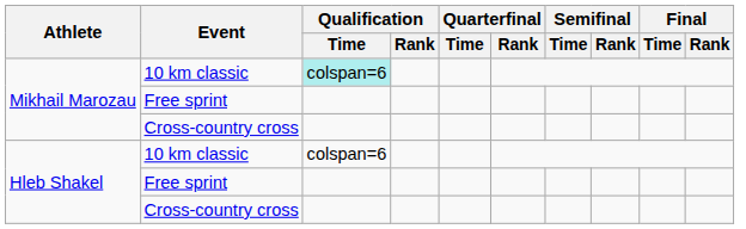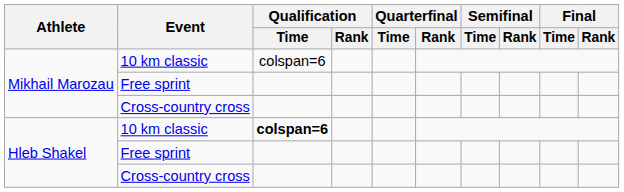 <table class="wikitable" style="font-size:90%">
 <tr>
 <th rowspan="2">Athlete</th>
 <th rowspan="2">Event</th>
 <th colspan="2">Qualification</th>
 <th colspan="2">Quarterfinal</th>
 <th colspan="2">Semifinal</th>
 <th colspan="2">Final</th>
 </tr>
 <tr style="font-size:95%">
 <th>Time</th>
 <th>Rank</th>
 <th>Time</th>
 <th>Rank</th>
 <th>Time</th>
 <th>Rank</th>
 <th>Time</th>
 <th>Rank</th>
 </tr>
 <tr align=center>
 <td align=left rowspan=3><a href='#'>Mikhail Marozau</a></td>
 <td align=left><a href='#'>10 km classic</a></td>
-<td style="background: paleturquoise;">colspan=6 </td>
+<td>colspan=6 </td>
 <td></td>
 <td></td>
 </tr>
 <tr align=center>
 <td align=left><a href='#'>Free sprint</a></td>
 <td></td>
 <td></td>
 <td></td>
 <td></td>
 <td></td>
 <td></td>
 <td></td>
 <td></td>
 </tr>
 <tr align=center>
 <td align=left><a href='#'>Cross-country cross</a></td>
 <td></td>
 <td></td>
 <td></td>
 <td></td>
 <td></td>
 <td></td>
 <td></td>
 <td></td>
 </tr>
 <tr align=center>
 <td align=left rowspan=3><a href='#'>Hleb Shakel</a></td>
 <td align=left><a href='#'>10 km classic</a></td>
-<td>colspan=6 </td>
+<td><strong>colspan=6 </strong></td>
 <td></td>
 <td></td>
 </tr>
 <tr align=center>
 <td align=left><a href='#'>Free sprint</a></td>
 <td></td>
 <td></td>
 <td></td>
 <td></td>
 <td></td>
 <td></td>
 <td></td>
 <td></td>
 </tr>
 <tr align=center>
 <td align=left><a href='#'>Cross-country cross</a></td>
 <td></td>
 <td></td>
 <td></td>
 <td></td>
 <td></td>
 <td></td>
 <td></td>
 <td></td>
 </tr>
 </table>
